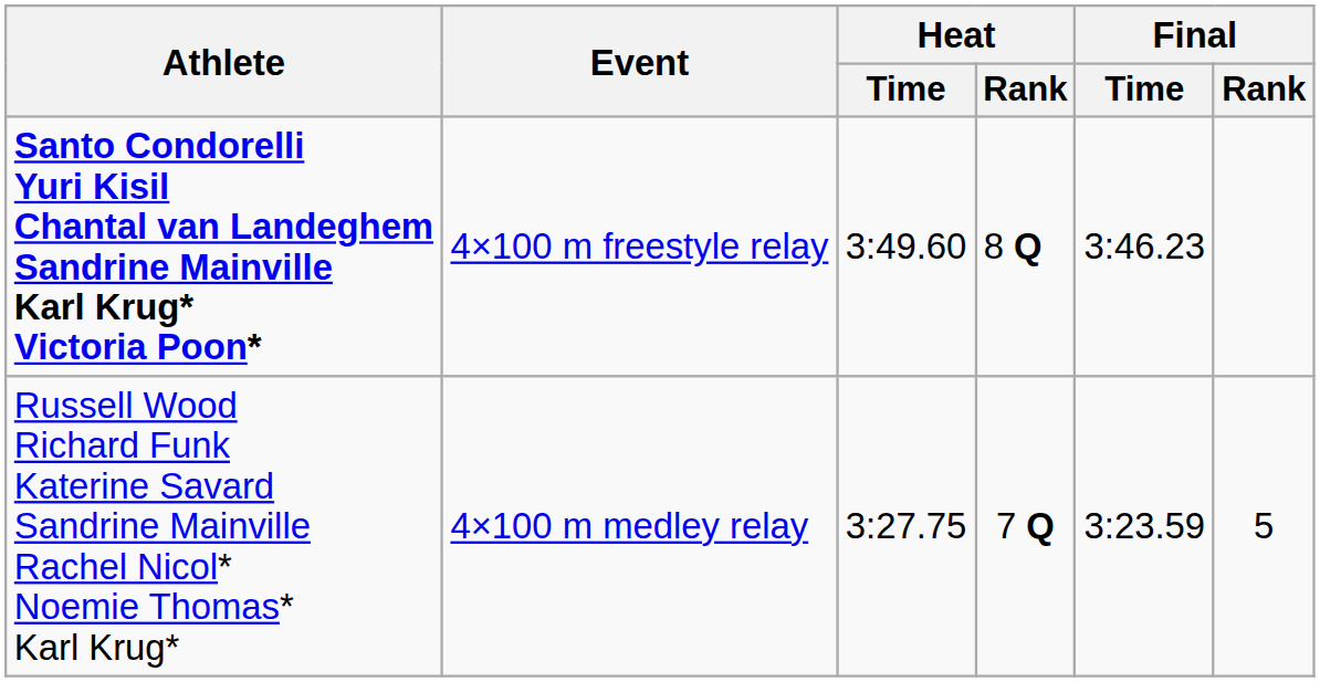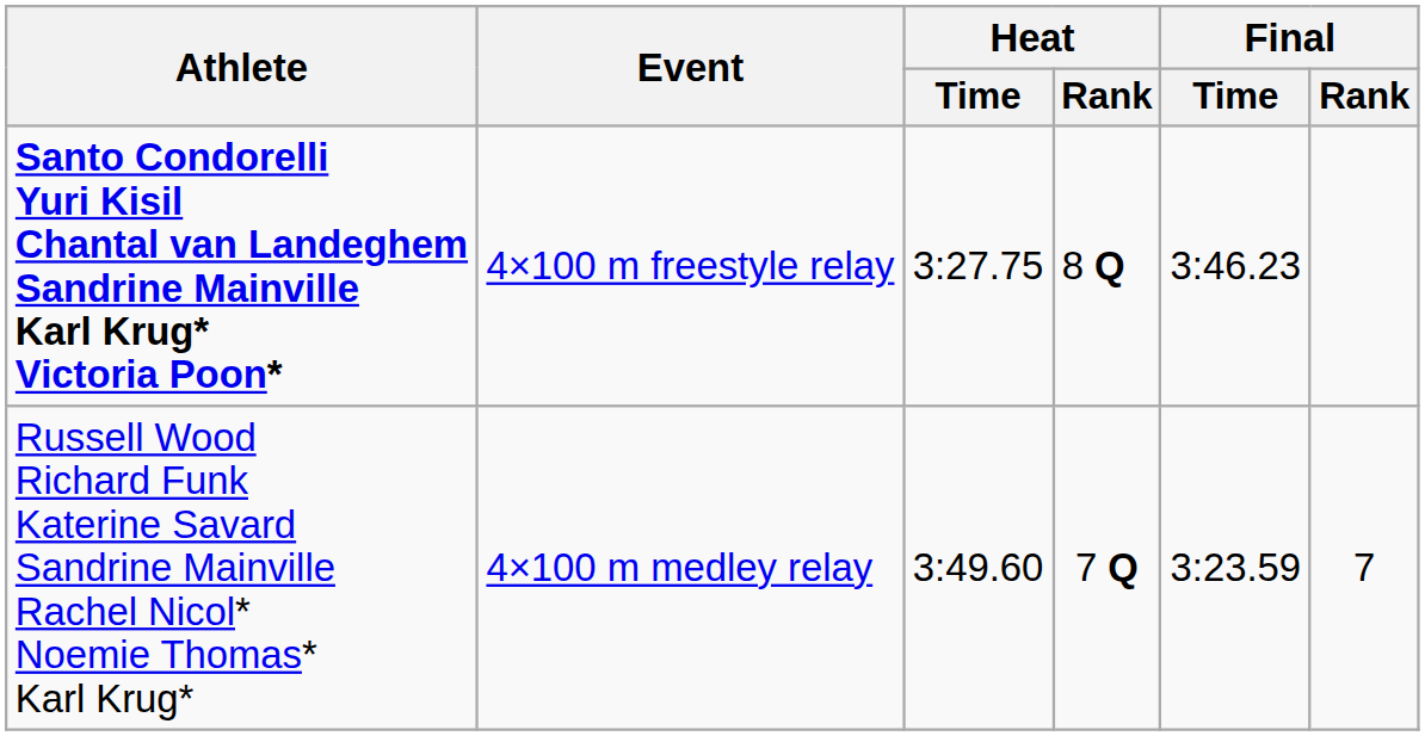 <table class=wikitable style="font-size:90%">
 <tr>
 <th rowspan="2">Athlete</th>
 <th rowspan="2">Event</th>
 <th colspan="2">Heat</th>
 <th colspan="2">Final</th>
 </tr>
 <tr style="font-size:95%">
 <th>Time</th>
 <th>Rank</th>
 <th>Time</th>
 <th>Rank</th>
 </tr>
 <tr align-center>
 <td align=left><strong><a href='#'>Santo Condorelli</a><br><a href='#'>Yuri Kisil</a><br><a href='#'>Chantal van Landeghem</a><br><a href='#'>Sandrine Mainville</a><br>Karl Krug*<br><a href='#'>Victoria Poon</a>*</strong></td>
 <td align=left><a href='#'>4×100 m freestyle relay</a></td>
-<td>3:49.60</td>
+<td>3:27.75</td>
 <td>8 <strong>Q</strong></td>
 <td>3:46.23</td>
 <td></td>
 </tr>
 <tr align=center>
 <td align=left><a href='#'>Russell Wood</a><br><a href='#'>Richard Funk</a><br><a href='#'>Katerine Savard</a><br><a href='#'>Sandrine Mainville</a><br><a href='#'>Rachel Nicol</a>*<br><a href='#'>Noemie Thomas</a>*<br>Karl Krug*</td>
 <td align=left><a href='#'>4×100 m medley relay</a></td>
-<td>3:27.75</td>
+<td>3:49.60</td>
 <td>7 <strong>Q</strong></td>
 <td>3:23.59</td>
-<td>5</td>
+<td>7</td>
 </tr>
 </table>
